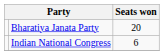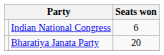 <table class="wikitable">
 <tr>
 <th colspan=2>Party</th>
 <th>Seats won</th>
 </tr>
 <tr>
 <td></td>
+<td><a href='#'>Indian National Congress</a></td>
+<td style="text-align:center">6</td>
+</tr>
+<tr>
+<td></td>
 <td><a href='#'>Bharatiya Janata Party</a></td>
 <td style="text-align:center">20</td>
 </tr>
 <tr>
-<td></td>
-<td><a href='#'>Indian National Congress</a></td>
-<td style="text-align:center">6</td>
-</tr>
-<tr>
 </tr>
 </table>
